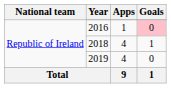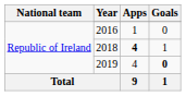 <table class="wikitable" style="text-align:center">
 <tr>
 <th>National team</th>
 <th>Year</th>
 <th>Apps</th>
 <th>Goals</th>
 </tr>
 <tr>
 <td rowspan=4><a href='#'>Republic of Ireland</a></td>
 </tr>
 <tr>
 <td>2016</td>
 <td>1</td>
-<td style="background: pink;">0</td>
+<td>0</td>
 </tr>
 <tr>
 <td>2018</td>
-<td>4</td>
+<td><strong>4</strong></td>
 <td>1</td>
 </tr>
 <tr>
 <td>2019</td>
 <td>4</td>
-<td>0</td>
+<td><strong>0</strong></td>
 </tr>
 <tr>
 <th colspan=2>Total</th>
 <th>9</th>
 <th>1</th>
 </tr>
 </table>
